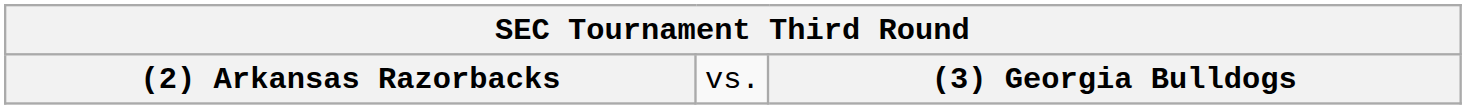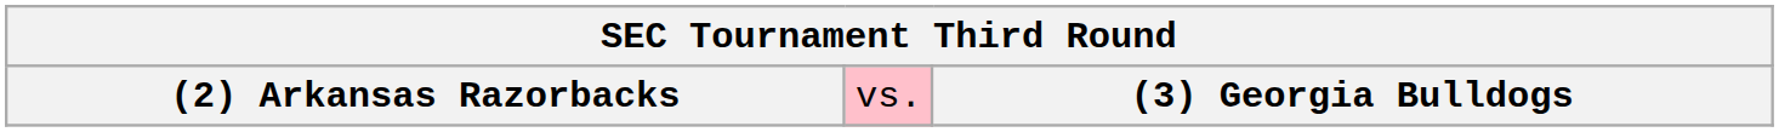 <table class="wikitable">
 <tr>
 <th style="width: 604px;" colspan=3>SEC Tournament Third Round</th>
 </tr>
 <tr>
 <th style="width: 289px; ">(2) Arkansas Razorbacks</th>
-<td style="width: 25px; text-align:center">vs.</td>
+<td style="background: pink; width: 25px; text-align:center">vs.</td>
 <th style="width: 289px; ">(3) Georgia Bulldogs</th>
 </tr>
 </table>
